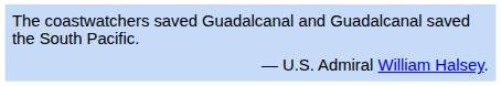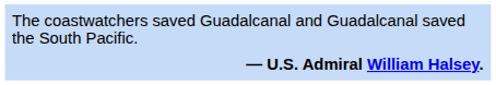 <table class="toccolours" style="float: right; margin-left: 1em; margin-right: 2em; font-size: 85%; background:#c6dbf7; color:black; width:30em; max-width: 40%;" cellspacing="5">
 <tr>
 <td style="text-align: left;">The coastwatchers saved Guadalcanal and Guadalcanal saved the South Pacific.</td>
 </tr>
 <tr>
-<td style="text-align: right;">— U.S. Admiral <a href='#'>William Halsey</a>.</td>
+<td style="text-align: right;"><strong>— U.S. Admiral <a href='#'>William Halsey</a>.</strong></td>
 </tr>
 </table>
